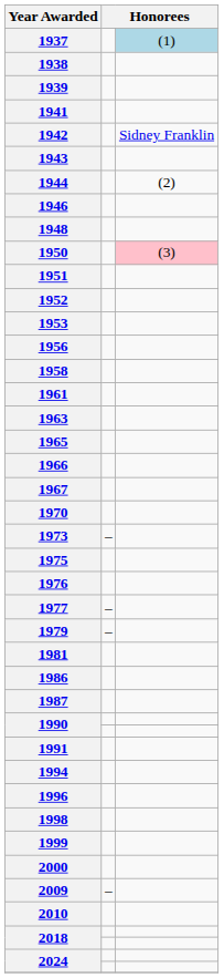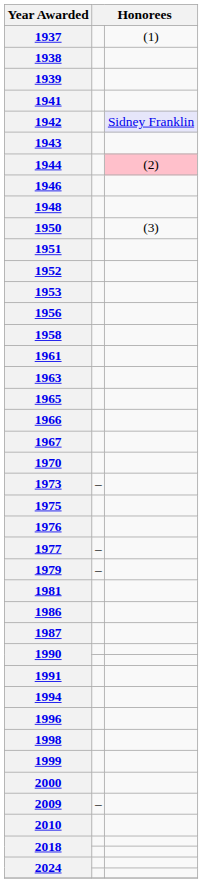 <table class="wikitable sortable plainrowheaders" style="text-align:center;">
 <tr>
 <th scope="col">Year Awarded</th>
 <th colspan="2" scope="col" class="unsortable">Honorees</th>
 </tr>
 <tr>
 <th><a href='#'>1937</a></th>
 <td></td>
-<td scope="row" style="background: lightblue;"> (1)</td>
+<td scope="row"> (1)</td>
 </tr>
 <tr>
 <th><a href='#'>1938</a></th>
 <td></td>
 <td scope="row"></td>
 </tr>
 <tr>
 <th><a href='#'>1939</a></th>
 <td></td>
 <td scope="row"></td>
 </tr>
 <tr>
 <th><a href='#'>1941</a></th>
 <td></td>
 <td scope="row"></td>
 </tr>
 <tr>
 <th><a href='#'>1942</a></th>
 <td></td>
-<td scope="row"><a href='#'>Sidney Franklin</a></td>
+<td scope="row" style="background: lavender;"><a href='#'>Sidney Franklin</a></td>
 </tr>
 <tr>
 <th><a href='#'>1943</a></th>
 <td></td>
 <td scope="row"></td>
 </tr>
 <tr>
 <th><a href='#'>1944</a></th>
 <td></td>
-<td scope="row"> (2)</td>
+<td scope="row" style="background: pink;"> (2)</td>
 </tr>
 <tr>
 <th><a href='#'>1946</a></th>
 <td></td>
 <td scope="row"></td>
 </tr>
 <tr>
 <th><a href='#'>1948</a></th>
 <td></td>
 <td scope="row"></td>
 </tr>
 <tr>
 <th><a href='#'>1950</a></th>
 <td></td>
-<td scope="row" style="background: pink;"> (3)</td>
+<td scope="row"> (3)</td>
 </tr>
 <tr>
 <th><a href='#'>1951</a></th>
 <td></td>
 <td scope="row"></td>
 </tr>
 <tr>
 <th><a href='#'>1952</a></th>
 <td></td>
 <td scope="row"></td>
 </tr>
 <tr>
 <th><a href='#'>1953</a></th>
 <td></td>
 <td scope="row"></td>
 </tr>
 <tr>
 <th><a href='#'>1956</a></th>
 <td></td>
 <td scope="row"></td>
 </tr>
 <tr>
 <th><a href='#'>1958</a></th>
 <td></td>
 <td scope="row"></td>
 </tr>
 <tr>
 <th><a href='#'>1961</a></th>
 <td></td>
 <td scope="row"></td>
 </tr>
 <tr>
 <th><a href='#'>1963</a></th>
 <td></td>
 <td scope="row"></td>
 </tr>
 <tr>
 <th><a href='#'>1965</a></th>
 <td></td>
 <td scope="row"></td>
 </tr>
 <tr>
 <th><a href='#'>1966</a></th>
 <td></td>
 <td scope="row"></td>
 </tr>
 <tr>
 <th><a href='#'>1967</a></th>
 <td></td>
 <td scope="row"></td>
 </tr>
 <tr>
 <th><a href='#'>1970</a></th>
 <td></td>
 <td scope="row"></td>
 </tr>
 <tr>
 <th><a href='#'>1973</a></th>
 <td>–</td>
 <td scope="row"></td>
 </tr>
 <tr>
 <th><a href='#'>1975</a></th>
 <td></td>
 <td scope="row"></td>
 </tr>
 <tr>
 <th><a href='#'>1976</a></th>
 <td></td>
 <td scope="row"></td>
 </tr>
 <tr>
 <th><a href='#'>1977</a></th>
 <td>–</td>
 <td scope="row"></td>
 </tr>
 <tr>
 <th><a href='#'>1979</a></th>
 <td>–</td>
 <td scope="row"></td>
 </tr>
 <tr>
 <th><a href='#'>1981</a></th>
 <td></td>
 <td scope="row"></td>
 </tr>
 <tr>
 <th><a href='#'>1986</a></th>
 <td></td>
 <td scope="row"></td>
 </tr>
 <tr>
 <th><a href='#'>1987</a></th>
 <td></td>
 <td scope="row"></td>
 </tr>
 <tr>
 <th rowspan="2"><a href='#'>1990</a></th>
 <td></td>
 <td scope="row"></td>
 </tr>
 <tr>
 <td></td>
 <td scope="row"></td>
 </tr>
 <tr>
 <th><a href='#'>1991</a></th>
 <td></td>
 <td scope="row"></td>
 </tr>
 <tr>
 <th><a href='#'>1994</a></th>
 <td></td>
 <td scope="row"></td>
 </tr>
 <tr>
 <th><a href='#'>1996</a></th>
 <td></td>
 <td scope="row"></td>
 </tr>
 <tr>
 <th><a href='#'>1998</a></th>
 <td></td>
 <td scope="row"></td>
 </tr>
 <tr>
 <th><a href='#'>1999</a></th>
 <td></td>
 <td scope="row"></td>
 </tr>
 <tr>
 <th><a href='#'>2000</a></th>
 <td></td>
 <td scope="row"></td>
 </tr>
 <tr>
 <th><a href='#'>2009</a></th>
 <td>–</td>
 <td scope="row"></td>
 </tr>
 <tr>
 <th><a href='#'>2010</a></th>
 <td></td>
 <td scope="row"></td>
 </tr>
 <tr>
 <th rowspan="2"><a href='#'>2018</a></th>
 <td></td>
 <td scope="row"></td>
 </tr>
 <tr>
 <td></td>
 <td scope="row"></td>
 </tr>
 <tr>
 <th rowspan="2"><a href='#'>2024</a></th>
 <td></td>
 <td scope="row"></td>
 </tr>
 <tr>
 <td></td>
 <td scope="row"></td>
 </tr>
 <tr>
 </tr>
 </table>
